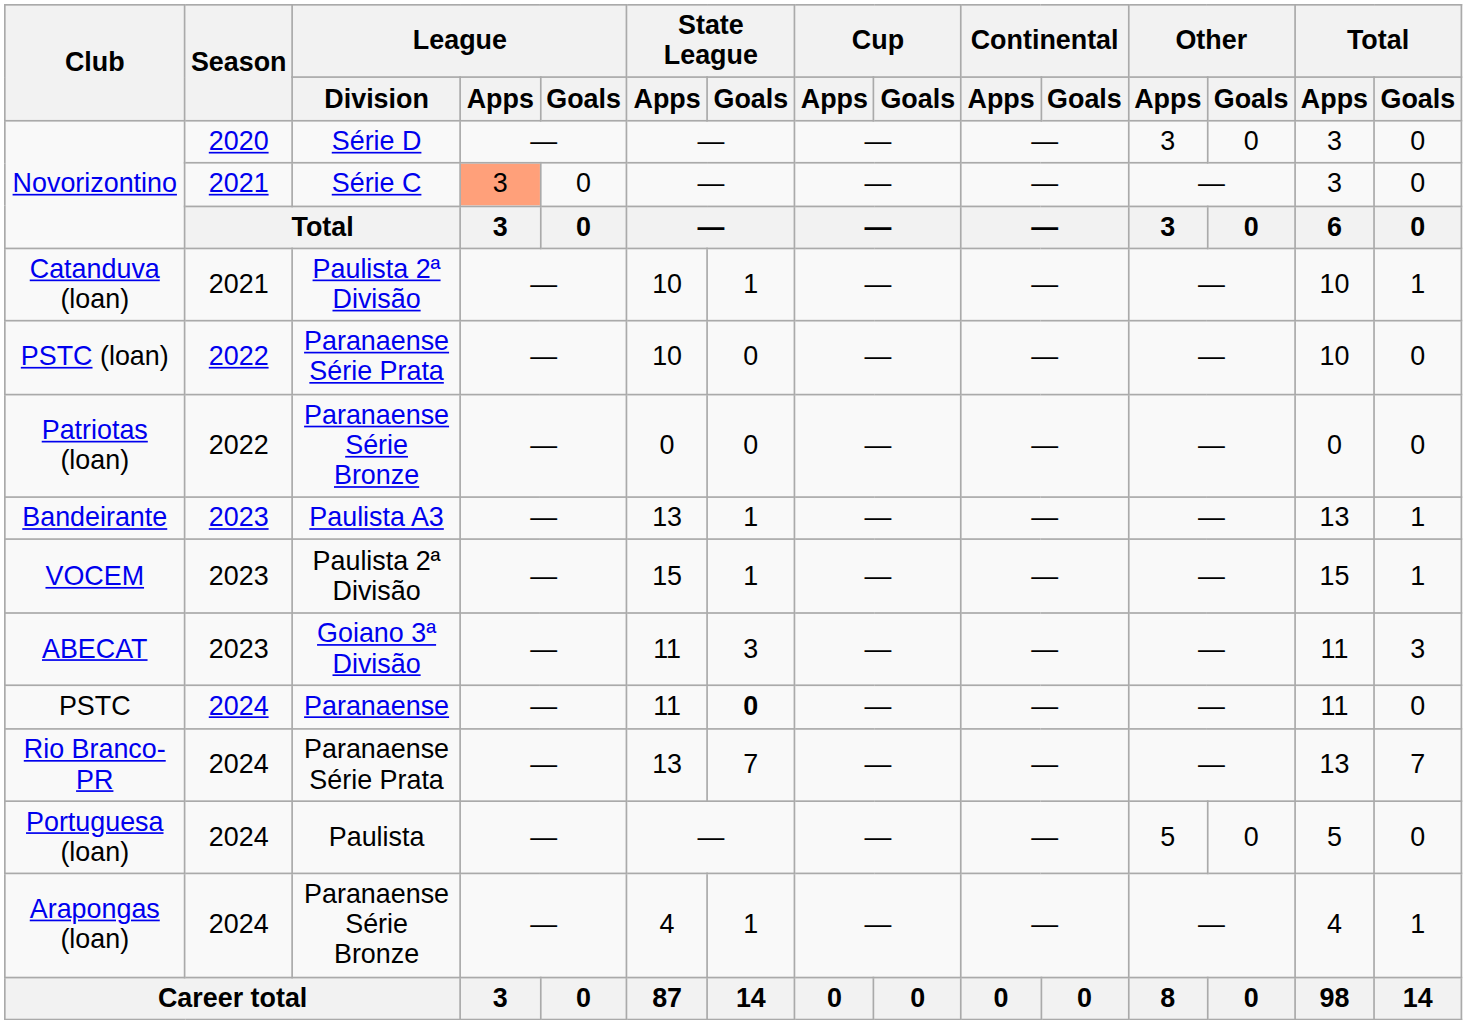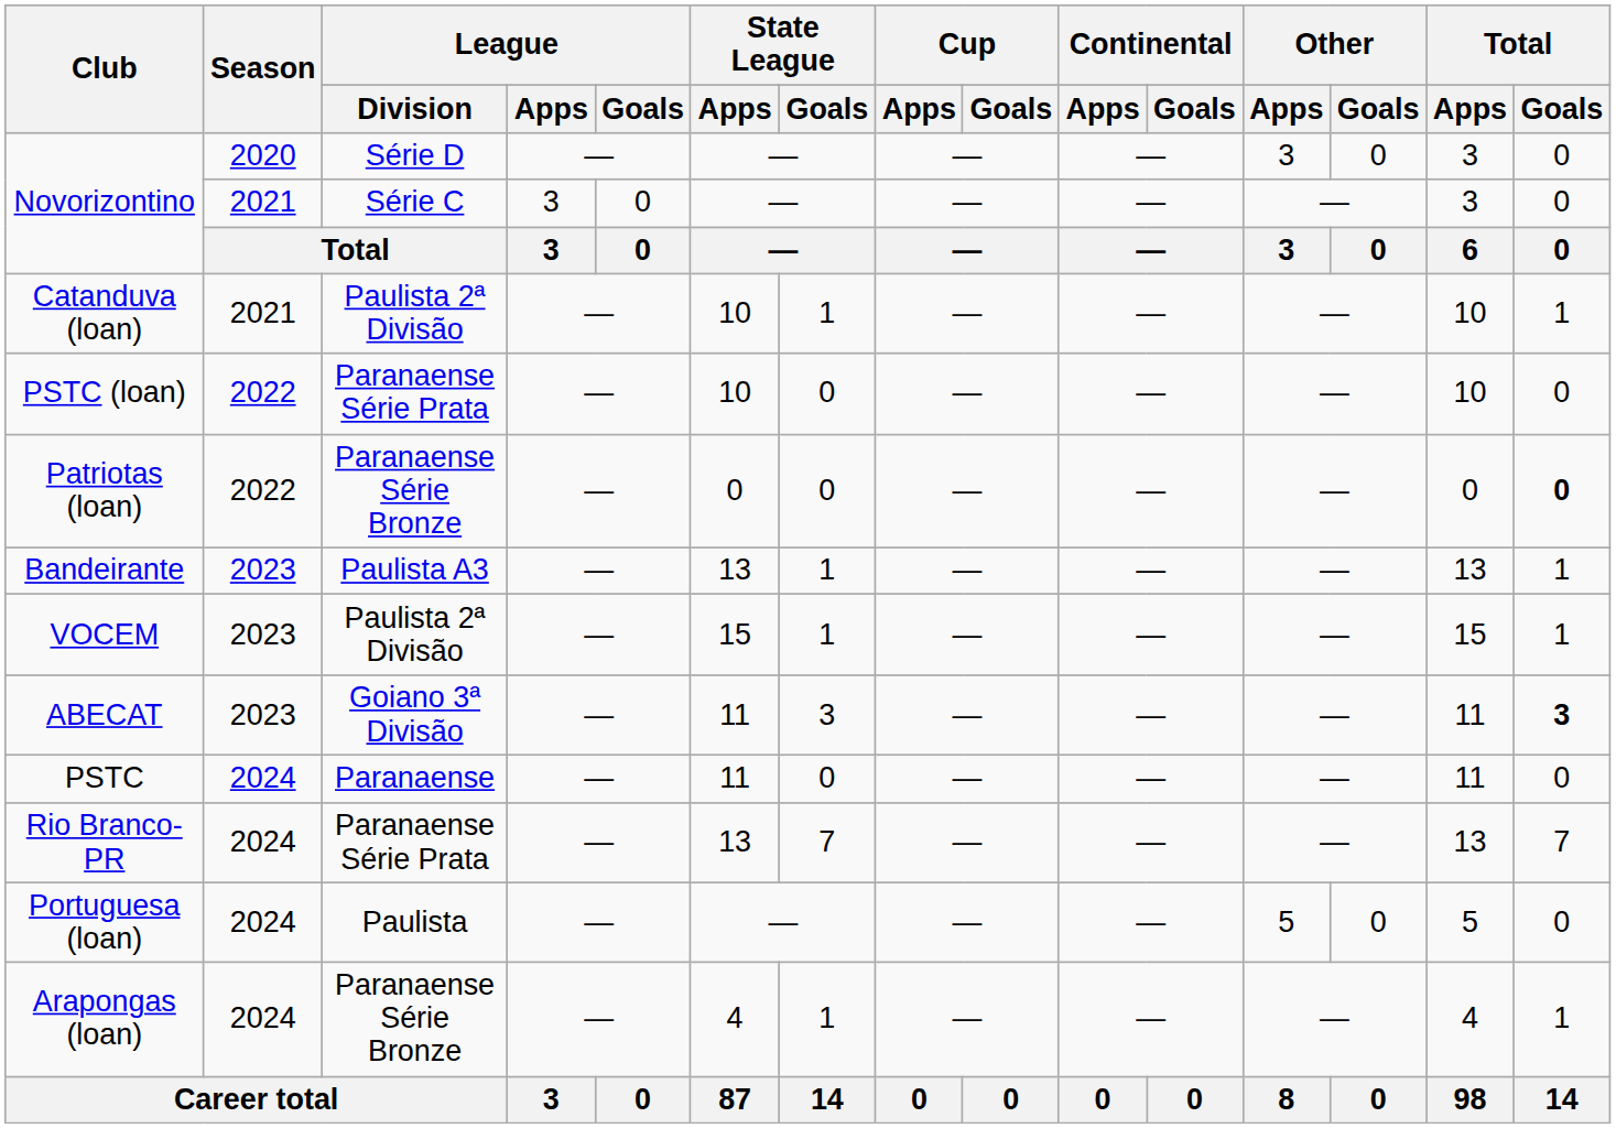 <table class="wikitable" style="text-align: center;">
 <tr>
 <th rowspan="2">Club</th>
 <th rowspan="2">Season</th>
 <th colspan="3">League</th>
 <th colspan="2">State League</th>
 <th colspan="2">Cup</th>
 <th colspan="2">Continental</th>
 <th colspan="2">Other</th>
 <th colspan="2">Total</th>
 </tr>
 <tr>
 <th>Division</th>
 <th>Apps</th>
 <th>Goals</th>
 <th>Apps</th>
 <th>Goals</th>
 <th>Apps</th>
 <th>Goals</th>
 <th>Apps</th>
 <th>Goals</th>
 <th>Apps</th>
 <th>Goals</th>
 <th>Apps</th>
 <th>Goals</th>
 </tr>
 <tr>
 <td rowspan="3" valign="center"><a href='#'>Novorizontino</a></td>
 <td><a href='#'>2020</a></td>
 <td><a href='#'>Série D</a></td>
 <td colspan="2">—</td>
 <td colspan="2">—</td>
 <td colspan="2">—</td>
 <td colspan="2">—</td>
 <td>3</td>
 <td>0</td>
 <td>3</td>
 <td>0</td>
 </tr>
 <tr>
 <td><a href='#'>2021</a></td>
 <td><a href='#'>Série C</a></td>
-<td style="background: lightsalmon;">3</td>
+<td>3</td>
 <td>0</td>
 <td colspan="2">—</td>
 <td colspan="2">—</td>
 <td colspan="2">—</td>
 <td colspan="2">—</td>
 <td>3</td>
 <td>0</td>
 </tr>
 <tr>
 <th colspan="2">Total</th>
 <th>3</th>
 <th>0</th>
 <th colspan="2">—</th>
 <th colspan="2">—</th>
 <th colspan="2">—</th>
 <th>3</th>
 <th>0</th>
 <th>6</th>
 <th>0</th>
 </tr>
 <tr>
 <td valign="center"><a href='#'>Catanduva</a> (loan)</td>
 <td>2021</td>
 <td><a href='#'>Paulista 2ª Divisão</a></td>
 <td colspan="2">—</td>
 <td>10</td>
 <td>1</td>
 <td colspan="2">—</td>
 <td colspan="2">—</td>
 <td colspan="2">—</td>
 <td>10</td>
 <td>1</td>
 </tr>
 <tr>
 <td valign="center"><a href='#'>PSTC</a> (loan)</td>
 <td><a href='#'>2022</a></td>
 <td><a href='#'>Paranaense Série Prata</a></td>
 <td colspan="2">—</td>
 <td>10</td>
 <td>0</td>
 <td colspan="2">—</td>
 <td colspan="2">—</td>
 <td colspan="2">—</td>
 <td>10</td>
 <td>0</td>
 </tr>
 <tr>
 <td valign="center"><a href='#'>Patriotas</a> (loan)</td>
 <td>2022</td>
 <td><a href='#'>Paranaense Série Bronze</a></td>
 <td colspan="2">—</td>
 <td>0</td>
 <td>0</td>
 <td colspan="2">—</td>
 <td colspan="2">—</td>
 <td colspan="2">—</td>
 <td>0</td>
-<td>0</td>
+<td><strong>0</strong></td>
 </tr>
 <tr>
 <td valign="center"><a href='#'>Bandeirante</a></td>
 <td><a href='#'>2023</a></td>
 <td><a href='#'>Paulista A3</a></td>
 <td colspan="2">—</td>
 <td>13</td>
 <td>1</td>
 <td colspan="2">—</td>
 <td colspan="2">—</td>
 <td colspan="2">—</td>
 <td>13</td>
 <td>1</td>
 </tr>
 <tr>
 <td valign="center"><a href='#'>VOCEM</a></td>
 <td>2023</td>
 <td>Paulista 2ª Divisão</td>
 <td colspan="2">—</td>
 <td>15</td>
 <td>1</td>
 <td colspan="2">—</td>
 <td colspan="2">—</td>
 <td colspan="2">—</td>
 <td>15</td>
 <td>1</td>
 </tr>
 <tr>
 <td valign="center"><a href='#'>ABECAT</a></td>
 <td>2023</td>
 <td><a href='#'>Goiano 3ª Divisão</a></td>
 <td colspan="2">—</td>
 <td>11</td>
 <td>3</td>
 <td colspan="2">—</td>
 <td colspan="2">—</td>
 <td colspan="2">—</td>
 <td>11</td>
-<td>3</td>
+<td><strong>3</strong></td>
 </tr>
 <tr>
 <td valign="center">PSTC</td>
 <td><a href='#'>2024</a></td>
 <td><a href='#'>Paranaense</a></td>
 <td colspan="2">—</td>
 <td>11</td>
-<td><strong>0</strong></td>
+<td>0</td>
 <td colspan="2">—</td>
 <td colspan="2">—</td>
 <td colspan="2">—</td>
 <td>11</td>
 <td>0</td>
 </tr>
 <tr>
 <td valign="center"><a href='#'>Rio Branco-PR</a></td>
 <td>2024</td>
 <td>Paranaense Série Prata</td>
 <td colspan="2">—</td>
 <td>13</td>
 <td>7</td>
 <td colspan="2">—</td>
 <td colspan="2">—</td>
 <td colspan="2">—</td>
 <td>13</td>
 <td>7</td>
 </tr>
 <tr>
 <td valign="center"><a href='#'>Portuguesa</a> (loan)</td>
 <td>2024</td>
 <td>Paulista</td>
 <td colspan="2">—</td>
 <td colspan="2">—</td>
 <td colspan="2">—</td>
 <td colspan="2">—</td>
 <td>5</td>
 <td>0</td>
 <td>5</td>
 <td>0</td>
 </tr>
 <tr>
 <td valign="center"><a href='#'>Arapongas</a> (loan)</td>
 <td>2024</td>
 <td>Paranaense Série Bronze</td>
 <td colspan="2">—</td>
 <td>4</td>
 <td>1</td>
 <td colspan="2">—</td>
 <td colspan="2">—</td>
 <td colspan="2">—</td>
 <td>4</td>
 <td>1</td>
 </tr>
 <tr>
 <th colspan="3"><strong>Career total</strong></th>
 <th>3</th>
 <th>0</th>
 <th>87</th>
 <th>14</th>
 <th>0</th>
 <th>0</th>
 <th>0</th>
 <th>0</th>
 <th>8</th>
 <th>0</th>
 <th>98</th>
 <th>14</th>
 </tr>
 </table>
